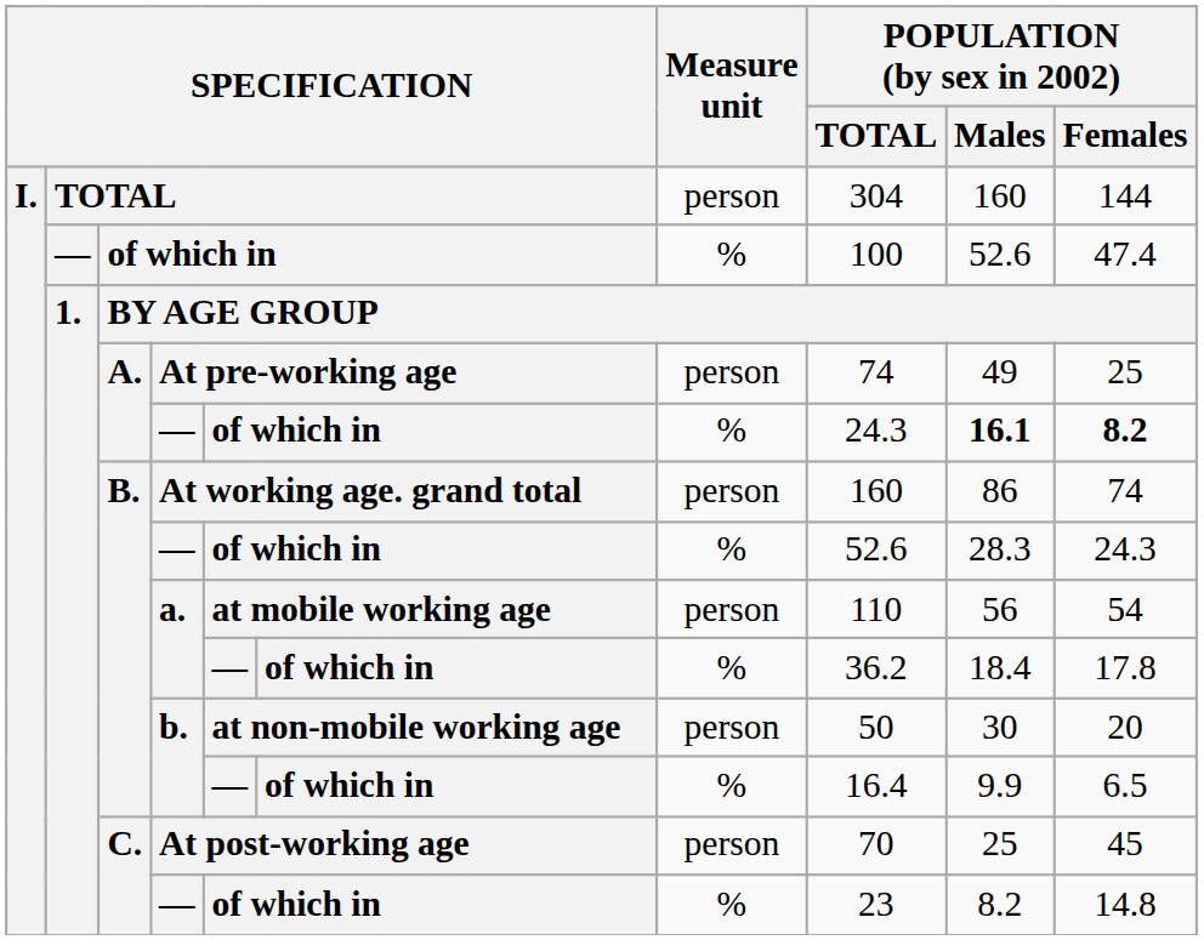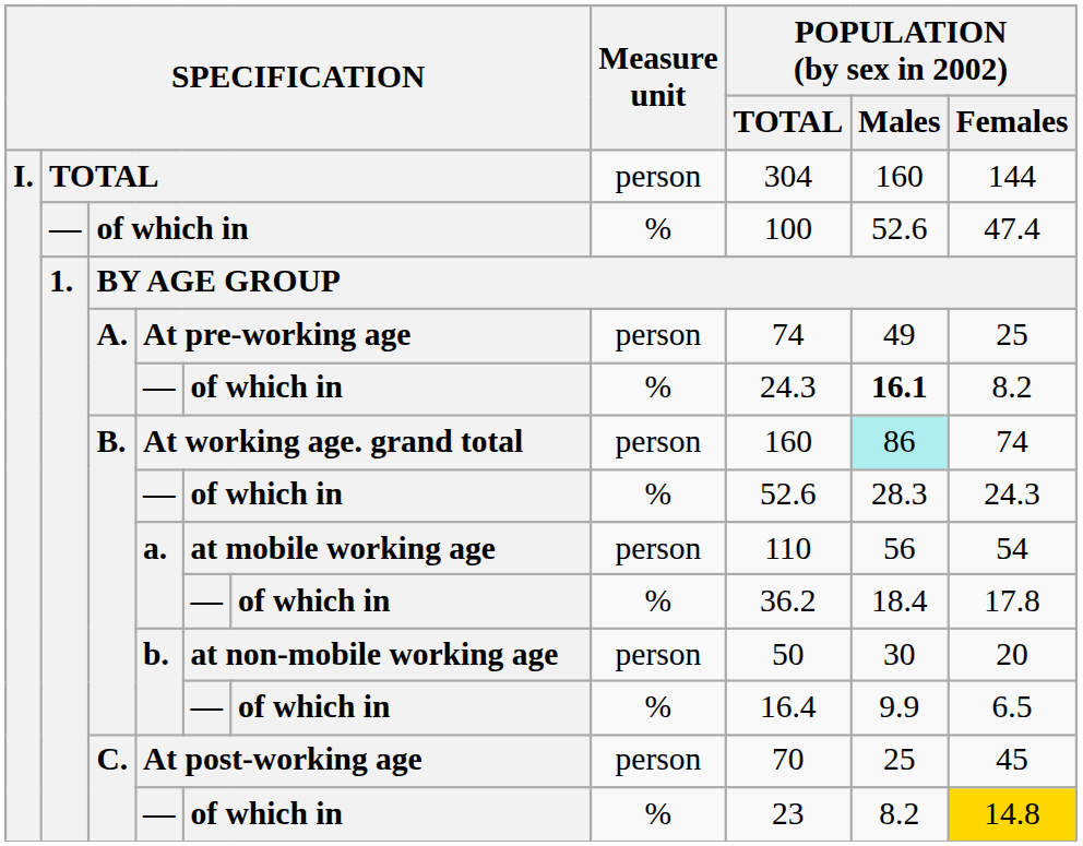 <table class="wikitable" style="font-size:85%; text-align:center">
 <tr>
 <th rowspan="2" colspan="6">SPECIFICATION</th>
 <th rowspan="2">Measure<br> unit</th>
 <th colspan="3" rowspan="1">POPULATION<br> (by sex in 2002)</th>
 </tr>
 <tr>
 <th>TOTAL</th>
 <th>Males</th>
 <th>Females</th>
 </tr>
 <tr>
 <th style="text-align:left" valign="top" rowspan="13">I.</th>
 <th style="text-align:left" colspan="5">TOTAL</th>
 <td>person</td>
 <td>304</td>
 <td>160</td>
 <td>144</td>
 </tr>
 <tr>
 <th style="text-align:left" valign="top">—</th>
 <th style="text-align:left" colspan="4">of which in</th>
 <td>%</td>
 <td>100</td>
 <td>52.6</td>
 <td>47.4</td>
 </tr>
 <tr>
 <th style="text-align:left" valign="top" rowspan="11">1.</th>
 <th style="text-align:left" colspan="19">BY AGE GROUP</th>
 </tr>
 <tr>
 <th style="text-align:left" valign="top" rowspan="2">A.</th>
 <th style="text-align:left" colspan="3">At pre-working age</th>
 <td>person</td>
 <td>74</td>
 <td>49</td>
 <td>25</td>
 </tr>
 <tr>
 <th style="text-align:left" valign="top">—</th>
 <th style="text-align:left" valign="top" colspan="2">of which in</th>
 <td>%</td>
 <td>24.3</td>
 <td><strong>16.1</strong></td>
-<td><strong>8.2</strong></td>
+<td>8.2</td>
 </tr>
 <tr>
 <th style="text-align:left" valign="top" rowspan="6">B.</th>
 <th style="text-align:left" colspan="3">At working age. grand total</th>
 <td>person</td>
 <td>160</td>
-<td>86</td>
+<td style="background: paleturquoise;">86</td>
 <td>74</td>
 </tr>
 <tr>
 <th style="text-align:left" valign="top">—</th>
 <th style="text-align:left" valign="top" colspan="2">of which in</th>
 <td>%</td>
 <td>52.6</td>
 <td>28.3</td>
 <td>24.3</td>
 </tr>
 <tr>
 <th style="text-align:left" valign="top" rowspan="2">a.</th>
 <th style="text-align:left" colspan="2">at mobile working age</th>
 <td>person</td>
 <td>110</td>
 <td>56</td>
 <td>54</td>
 </tr>
 <tr>
 <th style="text-align:left" valign="top">—</th>
 <th style="text-align:left" valign="top" colspan="1">of which in                        </th>
 <td>%</td>
 <td>36.2</td>
 <td>18.4</td>
 <td>17.8</td>
 </tr>
 <tr>
 <th style="text-align:left" valign="top" rowspan="2">b.</th>
 <th style="text-align:left" colspan="2">at non-mobile working age</th>
 <td>person</td>
 <td>50</td>
 <td>30</td>
 <td>20</td>
 </tr>
 <tr>
 <th style="text-align:left" valign="top">—</th>
 <th style="text-align:left" valign="top" colspan="1">of which in                        </th>
 <td>%</td>
 <td>16.4</td>
 <td>9.9</td>
 <td>6.5</td>
 </tr>
 <tr>
 <th style="text-align:left" valign="top" rowspan="2">C.</th>
 <th style="text-align:left" colspan="3">At post-working age</th>
 <td>person</td>
 <td>70</td>
 <td>25</td>
 <td>45</td>
 </tr>
 <tr>
 <th style="text-align:left" valign="top">—</th>
 <th style="text-align:left" valign="top" colspan="2">of which in</th>
 <td>%</td>
 <td>23</td>
 <td>8.2</td>
-<td>14.8</td>
+<td style="background: gold;">14.8</td>
 </tr>
 </table>
